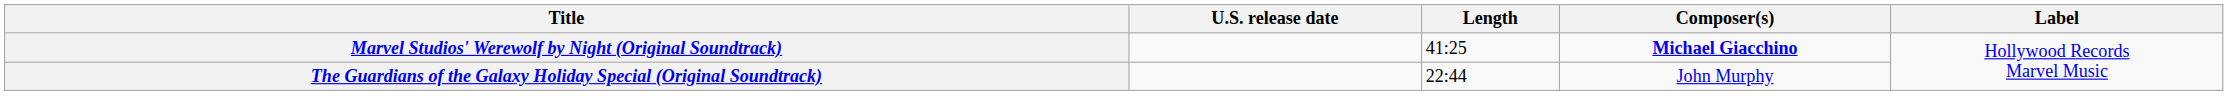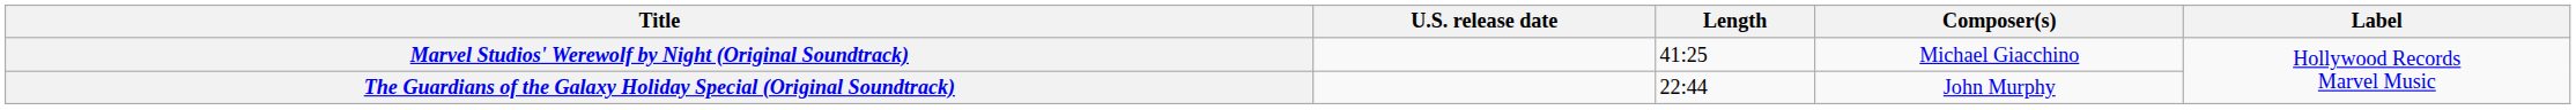 <table class="wikitable plainrowheaders" style="text-align: center; width: 99%;">
 <tr>
 <th scope="col">Title</th>
 <th scope="col">U.S. release date</th>
 <th scope="col">Length</th>
 <th scope="col">Composer(s)</th>
 <th scope="col">Label</th>
 </tr>
 <tr>
 <th scope="row"><em><a href='#'>Marvel Studios' Werewolf by Night (Original Soundtrack)</a></em></th>
 <td style="text-align: left;"></td>
 <td style="text-align: left;">41:25</td>
-<td><strong><a href='#'>Michael Giacchino</a></strong></td>
+<td><a href='#'>Michael Giacchino</a></td>
 <td rowspan="2"><a href='#'>Hollywood Records</a><br><a href='#'>Marvel Music</a></td>
 </tr>
 <tr>
 <th scope="row"><em><a href='#'>The Guardians of the Galaxy Holiday Special (Original Soundtrack)</a></em></th>
 <td style="text-align: left;"></td>
 <td style="text-align: left;">22:44</td>
 <td><a href='#'>John Murphy</a></td>
 </tr>
 </table>
